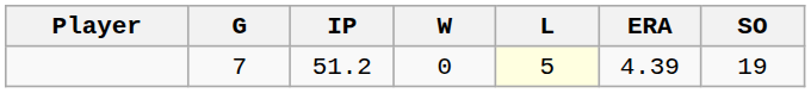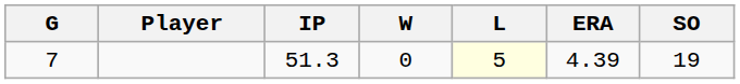 <table class="wikitable sortable">
 <tr>
+<th bgcolor="#DDDDFF" width="9%">G</th>
 <th bgcolor="#DDDDFF" width="16%">Player</th>
-<th bgcolor="#DDDDFF" width="9%">G</th>
 <th bgcolor="#DDDDFF" width="9%">IP</th>
 <th bgcolor="#DDDDFF" width="9%">W</th>
 <th bgcolor="#DDDDFF" width="9%">L</th>
 <th bgcolor="#DDDDFF" width="9%">ERA</th>
 <th bgcolor="#DDDDFF" width="9%">SO</th>
 </tr>
 <tr align="center">
+<td>7</td>
 <td></td>
-<td>7</td>
-<td>51.2</td>
+<td>51.3</td>
 <td>0</td>
 <td style="background: lightyellow;">5</td>
 <td>4.39</td>
 <td>19</td>
 </tr>
 </table>
